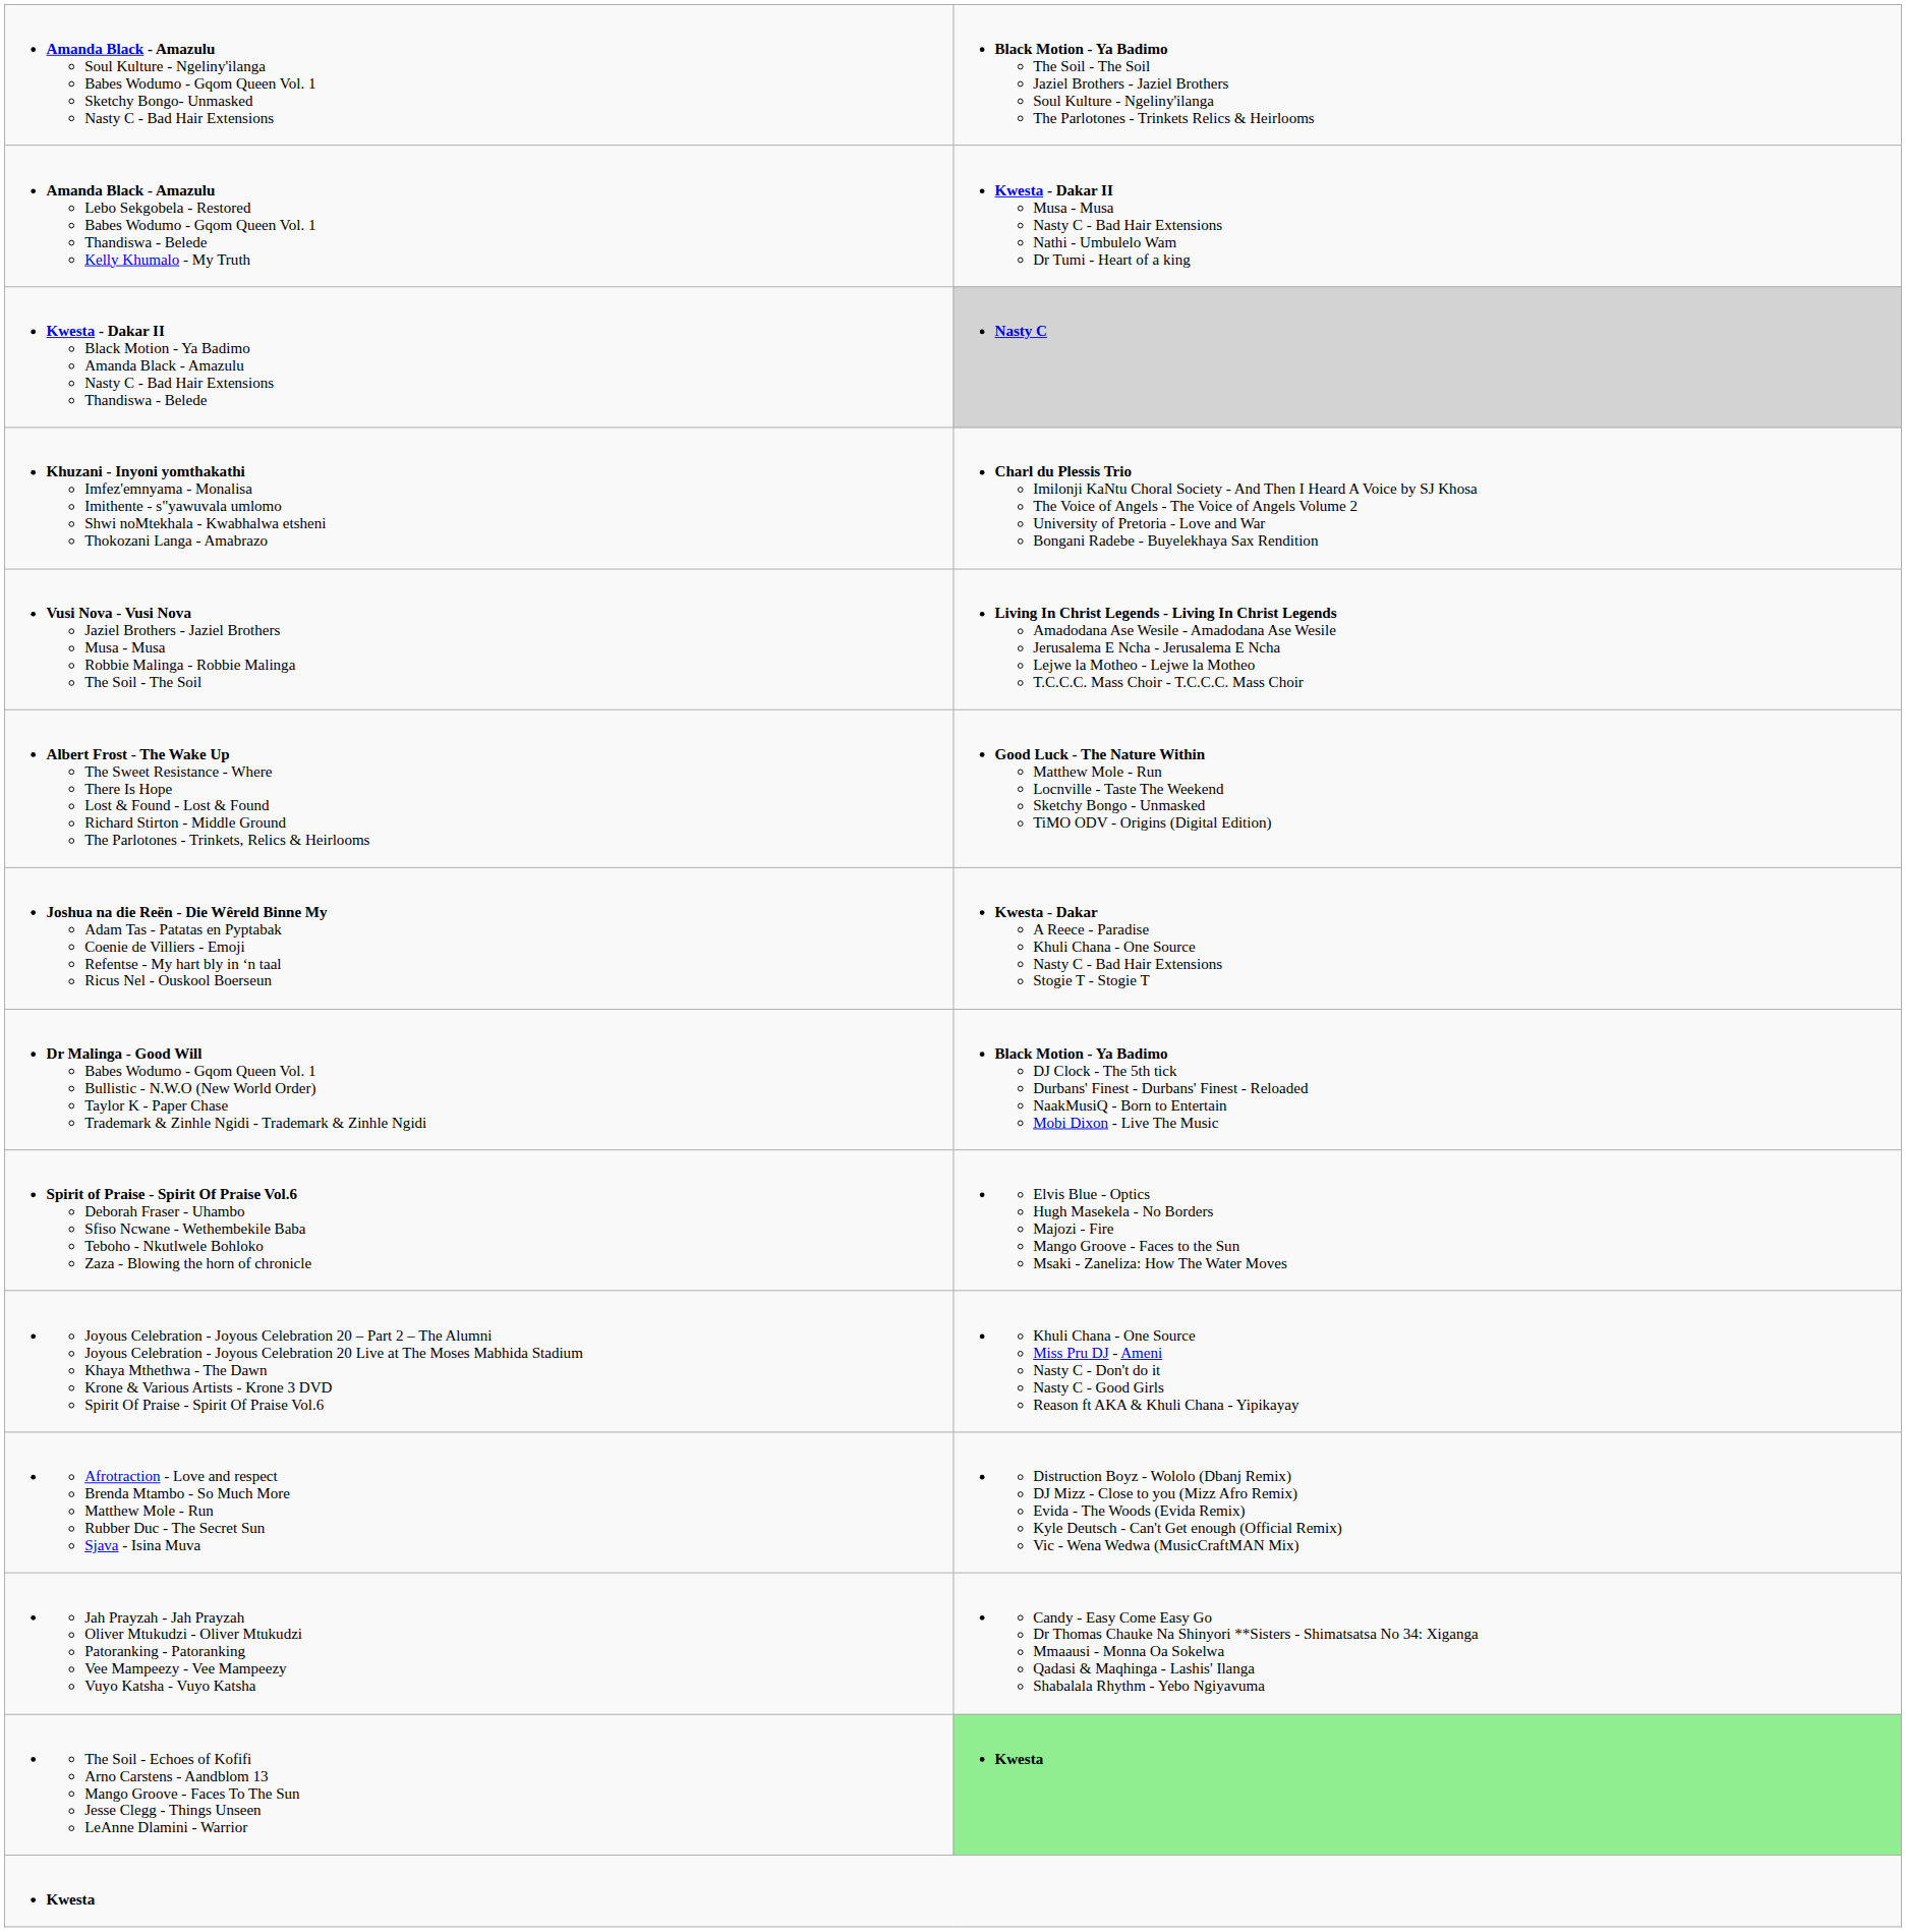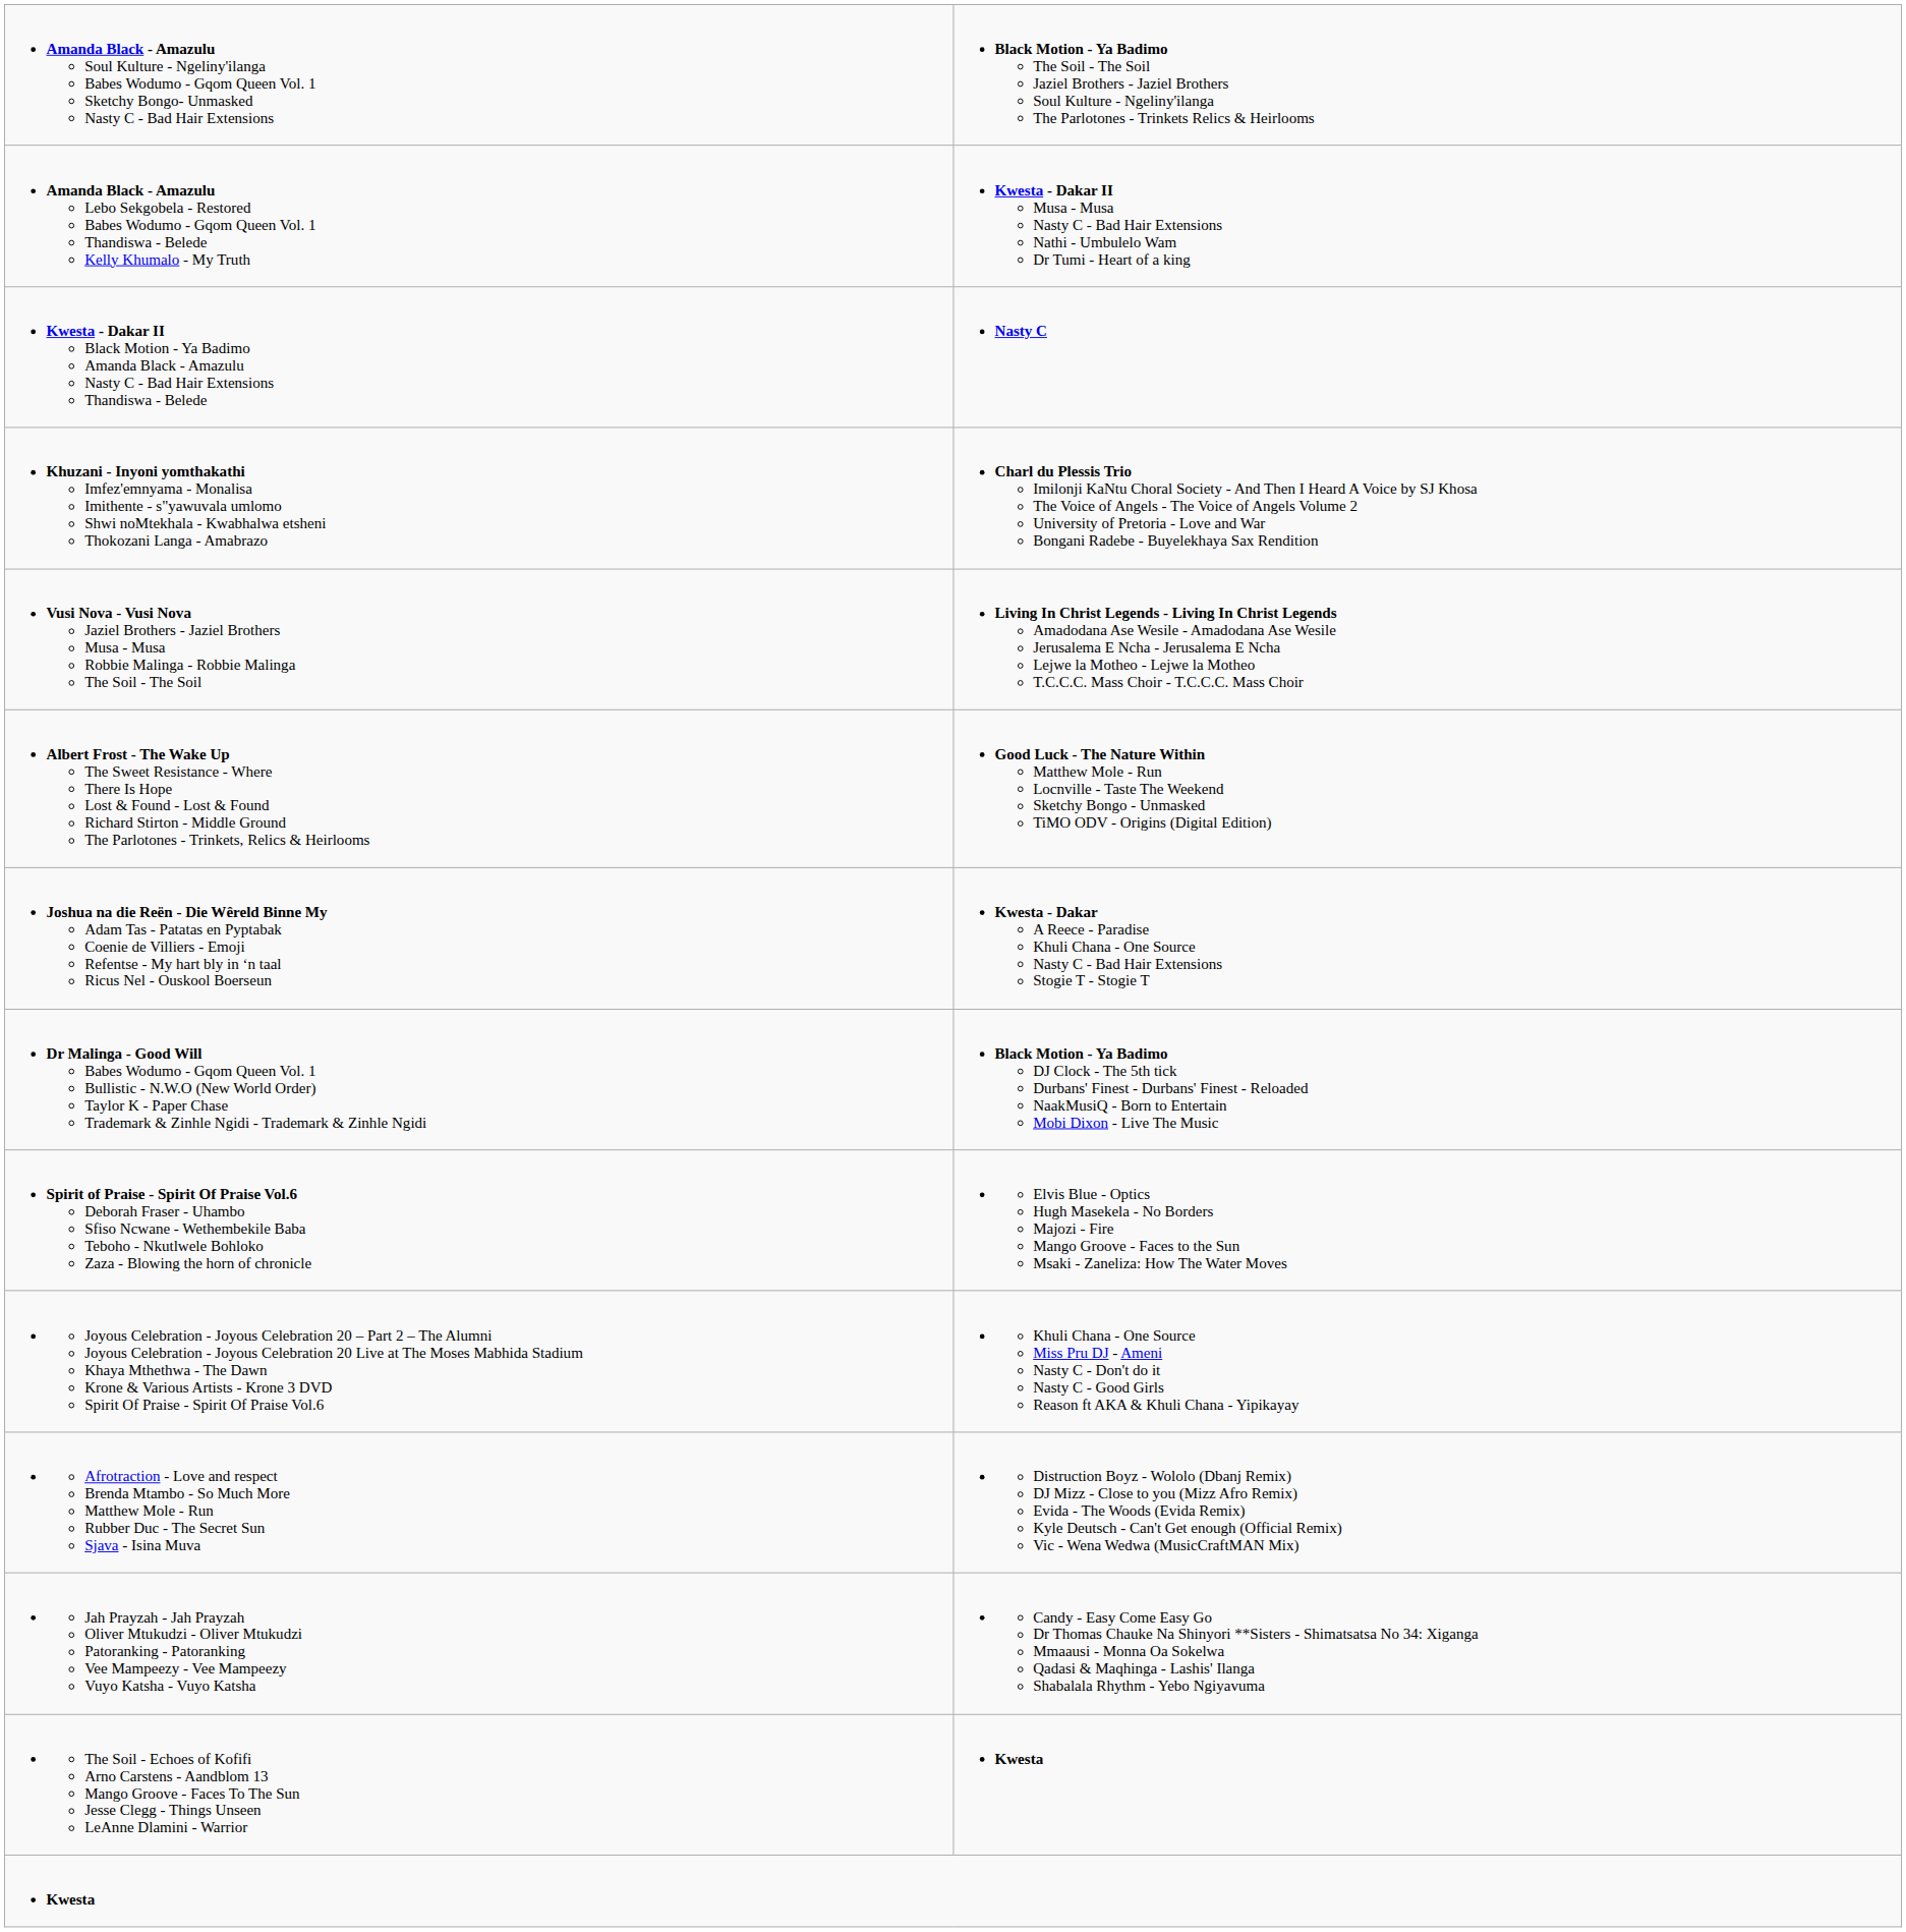 <table class=wikitable width="100%">
 <tr>
 <td valign="top" width="50%"><br><ul><li><strong><a href='#'>Amanda Black</a> - Amazulu</strong><ul><li>Soul Kulture - Ngeliny'ilanga</li><li>Babes Wodumo  - Gqom Queen Vol. 1</li><li>Sketchy Bongo- Unmasked</li><li>Nasty C - Bad Hair Extensions</li></ul></li></ul></td>
 <td valign="top" width="50%"><br><ul><li><strong>Black Motion -  Ya Badimo</strong><ul><li>The Soil - The Soil</li><li>Jaziel Brothers - Jaziel Brothers</li><li>Soul Kulture - Ngeliny'ilanga</li><li>The Parlotones - Trinkets  Relics & Heirlooms</li></ul></li></ul></td>
 </tr>
 <tr>
 <td valign="top" width="50%"><br><ul><li><strong>Amanda Black - Amazulu</strong><ul><li>Lebo Sekgobela - Restored</li><li>Babes Wodumo  - Gqom Queen Vol. 1</li><li>Thandiswa - Belede</li><li><a href='#'>Kelly Khumalo</a> - My Truth</li></ul></li></ul></td>
 <td valign="top" width="50%"><br><ul><li><strong><a href='#'>Kwesta</a> - Dakar II</strong><ul><li>Musa  - Musa</li><li>Nasty C - Bad Hair Extensions</li><li>Nathi  - Umbulelo Wam</li><li>Dr Tumi - Heart of a king</li></ul></li></ul></td>
 </tr>
 <tr>
 <td valign="top" width="50%"><br><ul><li><strong><a href='#'>Kwesta</a> - Dakar II</strong><ul><li>Black Motion - Ya Badimo</li><li>Amanda Black - Amazulu</li><li>Nasty C - Bad Hair Extensions</li><li>Thandiswa - Belede</li></ul></li></ul></td>
-<td valign="top" width="50%" style="background: lightgrey;"><br><ul><li><strong><a href='#'>Nasty C</a></strong></li></ul></td>
+<td valign="top" width="50%"><br><ul><li><strong><a href='#'>Nasty C</a></strong></li></ul></td>
 </tr>
 <tr>
 <td valign="top" width="50%"><br><ul><li><strong>Khuzani - Inyoni yomthakathi</strong><ul><li>Imfez'emnyama - Monalisa</li><li>Imithente - s"yawuvala umlomo</li><li>Shwi noMtekhala - Kwabhalwa etsheni</li><li>Thokozani Langa - Amabrazo</li></ul></li></ul></td>
 <td valign="top" width="50%"><br><ul><li><strong>Charl du Plessis Trio</strong><ul><li>Imilonji KaNtu Choral Society - And Then I Heard A Voice by SJ Khosa</li><li>The Voice of Angels - The Voice of Angels Volume 2</li><li>University of Pretoria - Love and War</li><li>Bongani Radebe - Buyelekhaya Sax Rendition</li></ul></li></ul></td>
 </tr>
 <tr>
 <td valign="top" width="50%"><br><ul><li><strong>Vusi Nova - Vusi Nova</strong><ul><li>Jaziel Brothers - Jaziel Brothers</li><li>Musa - Musa</li><li>Robbie Malinga - Robbie Malinga</li><li>The Soil - The Soil</li></ul></li></ul></td>
 <td valign="top" width="50%"><br><ul><li><strong>Living In Christ Legends - Living In Christ Legends</strong><ul><li>Amadodana Ase Wesile - Amadodana Ase Wesile</li><li>Jerusalema E Ncha - Jerusalema E Ncha</li><li>Lejwe la Motheo - Lejwe la Motheo</li><li>T.C.C.C. Mass Choir - T.C.C.C. Mass Choir</li></ul></li></ul></td>
 </tr>
 <tr>
 <td valign="top" width="50%"><br><ul><li><strong>Albert Frost - The Wake Up</strong><ul><li>The Sweet Resistance - Where</li><li>There Is Hope</li><li>Lost & Found - Lost & Found</li><li>Richard Stirton - Middle Ground</li><li>The Parlotones - Trinkets, Relics & Heirlooms</li></ul></li></ul></td>
 <td valign="top" width="50%"><br><ul><li><strong>Good Luck - The Nature Within</strong><ul><li>Matthew Mole - Run</li><li>Locnville - Taste The Weekend</li><li>Sketchy Bongo - Unmasked</li><li>TiMO ODV - Origins (Digital Edition)</li></ul></li></ul></td>
 </tr>
 <tr>
 <td valign="top" width="50%"><br><ul><li><strong>Joshua na die Reën - Die Wêreld Binne My</strong><ul><li>Adam Tas - Patatas en Pyptabak</li><li>Coenie de Villiers - Emoji</li><li>Refentse - My hart bly in ‘n taal</li><li>Ricus Nel - Ouskool Boerseun</li></ul></li></ul></td>
 <td valign="top" width="50%"><br><ul><li><strong>Kwesta - Dakar</strong><ul><li>A Reece - Paradise</li><li>Khuli Chana - One Source</li><li>Nasty C - Bad Hair Extensions</li><li>Stogie T - Stogie T</li></ul></li></ul></td>
 </tr>
 <tr>
 <td valign="top" width="50%"><br><ul><li><strong>Dr Malinga - Good Will</strong><ul><li>Babes Wodumo - Gqom Queen Vol. 1</li><li>Bullistic - N.W.O (New World Order)</li><li>Taylor K - Paper Chase</li><li>Trademark & Zinhle Ngidi - Trademark & Zinhle Ngidi</li></ul></li></ul></td>
 <td valign="top" width="50%"><br><ul><li><strong>Black Motion - Ya Badimo</strong><ul><li>DJ Clock - The 5th tick</li><li>Durbans' Finest - Durbans' Finest - Reloaded</li><li>NaakMusiQ - Born to Entertain</li><li><a href='#'>Mobi Dixon</a> - Live The Music</li></ul></li></ul></td>
 </tr>
 <tr>
 <td valign="top" width="50%"><br><ul><li><strong>Spirit of Praise - Spirit Of Praise Vol.6</strong><ul><li>Deborah Fraser - Uhambo</li><li>Sfiso Ncwane - Wethembekile Baba</li><li>Teboho - Nkutlwele Bohloko</li><li>Zaza - Blowing the horn of chronicle</li></ul></li></ul></td>
 <td valign="top" width="50%"><br><ul><li><ul><li>Elvis Blue - Optics</li><li>Hugh Masekela - No Borders</li><li>Majozi - Fire</li><li>Mango Groove - Faces to the Sun</li><li>Msaki - Zaneliza: How The Water Moves</li></ul></li></ul></td>
 </tr>
 <tr>
 <td valign="top" width="50%"><br><ul><li><ul><li>Joyous Celebration - Joyous Celebration 20 – Part 2 – The Alumni</li><li>Joyous Celebration - Joyous Celebration 20 Live at The Moses Mabhida Stadium</li><li>Khaya Mthethwa - The Dawn</li><li>Krone & Various Artists - Krone 3 DVD</li><li>Spirit Of Praise - Spirit Of Praise Vol.6</li></ul></li></ul></td>
 <td valign="top" width="50%"><br><ul><li><ul><li>Khuli Chana - One Source</li><li><a href='#'>Miss Pru DJ</a> - <a href='#'>Ameni</a></li><li>Nasty C - Don't do it</li><li>Nasty C - Good Girls</li><li>Reason ft AKA & Khuli Chana - Yipikayay</li></ul></li></ul></td>
 </tr>
 <tr>
 <td valign="top" width="50%"><br><ul><li><ul><li><a href='#'>Afrotraction</a> - Love and respect</li><li>Brenda Mtambo - So Much More</li><li>Matthew Mole - Run</li><li>Rubber Duc - The Secret Sun</li><li><a href='#'>Sjava</a> - Isina Muva</li></ul></li></ul></td>
 <td valign="top" width="50%"><br><ul><li><ul><li>Distruction Boyz - Wololo (Dbanj Remix)</li><li>DJ Mizz - Close to you (Mizz Afro Remix)</li><li>Evida - The Woods (Evida Remix)</li><li>Kyle Deutsch - Can't Get enough (Official Remix)</li><li>Vic - Wena Wedwa (MusicCraftMAN Mix)</li></ul></li></ul></td>
 </tr>
 <tr>
 <td valign="top" width="50%"><br><ul><li><ul><li>Jah Prayzah - Jah Prayzah</li><li>Oliver Mtukudzi - Oliver Mtukudzi</li><li>Patoranking - Patoranking</li><li>Vee Mampeezy - Vee Mampeezy</li><li>Vuyo Katsha - Vuyo Katsha</li></ul></li></ul></td>
 <td valign="top" width="50%"><br><ul><li><ul><li>Candy - Easy Come Easy Go</li><li>Dr Thomas Chauke Na Shinyori **Sisters - Shimatsatsa No 34: Xiganga</li><li>Mmaausi - Monna Oa Sokelwa</li><li>Qadasi & Maqhinga - Lashis' Ilanga</li><li>Shabalala Rhythm - Yebo Ngiyavuma</li></ul></li></ul></td>
 </tr>
 <tr>
 <td valign="top" width="50%"><br><ul><li><ul><li>The Soil - Echoes of Kofifi</li><li>Arno Carstens - Aandblom 13</li><li>Mango Groove - Faces To The Sun</li><li>Jesse Clegg - Things Unseen</li><li>LeAnne Dlamini - Warrior</li></ul></li></ul></td>
-<td valign="top"  width="50%" style="background: lightgreen;"><br><ul><li><strong>Kwesta</strong></li></ul></td>
+<td valign="top"  width="50%"><br><ul><li><strong>Kwesta</strong></li></ul></td>
 </tr>
 <tr>
 <td valign="top" colspan="2"><br><ul><li><strong>Kwesta</strong></li></ul></td>
 </tr>
 </table>
